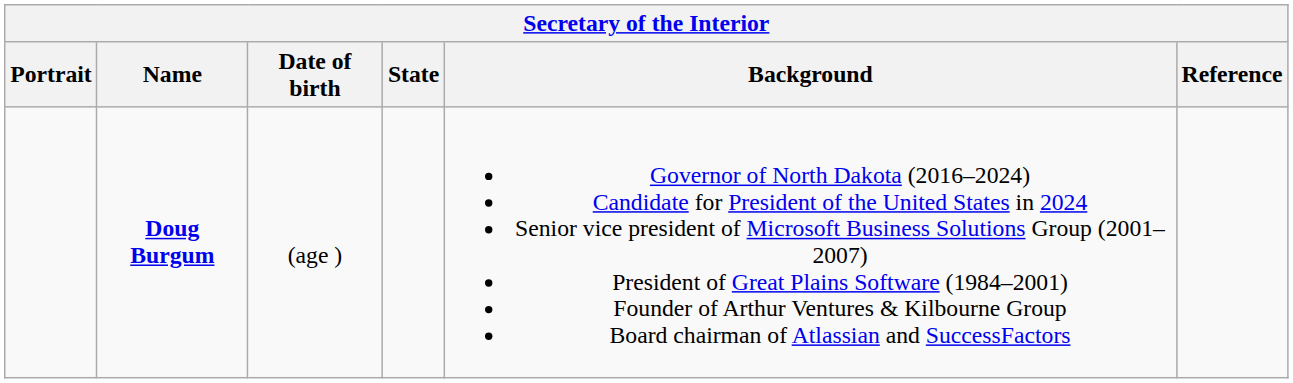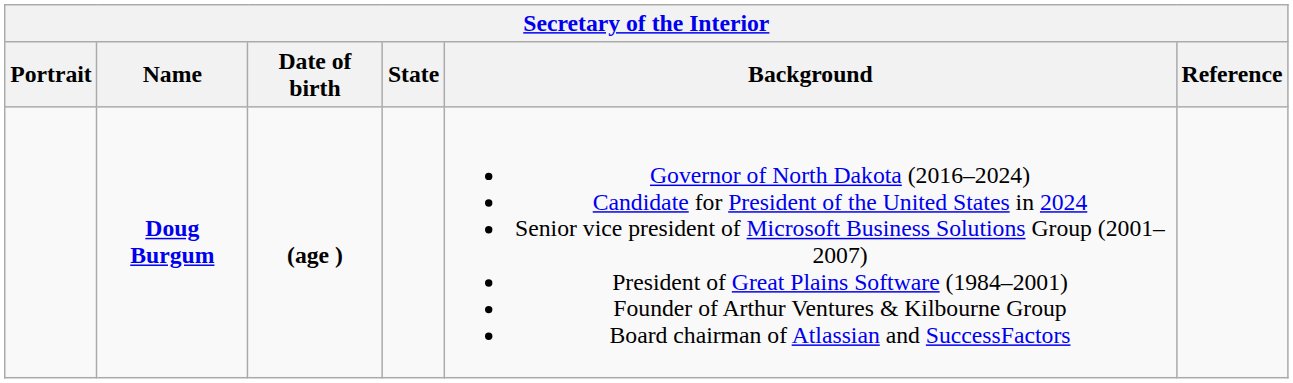 <table class="wikitable collapsible" style="text-align:center;">
 <tr>
 <th colspan="6"><a href='#'>Secretary of the Interior</a></th>
 </tr>
 <tr>
 <th>Portrait</th>
 <th>Name</th>
 <th>Date of birth</th>
 <th>State</th>
 <th>Background</th>
 <th>Reference</th>
 </tr>
 <tr>
 <td></td>
 <td><strong><a href='#'>Doug Burgum</a></strong></td>
-<td><br>(age )</td>
+<td><strong><br>(age )</strong></td>
 <td></td>
 <td><br><ul><li><a href='#'>Governor of North Dakota</a> (2016–2024)</li><li><a href='#'>Candidate</a> for <a href='#'>President of the United States</a> in <a href='#'>2024</a></li><li>Senior vice president of <a href='#'>Microsoft Business Solutions</a> Group (2001–2007)</li><li>President of <a href='#'>Great Plains Software</a> (1984–2001)</li><li>Founder of Arthur Ventures & Kilbourne Group</li><li>Board chairman of <a href='#'>Atlassian</a> and <a href='#'>SuccessFactors</a></li></ul></td>
 <td></td>
 </tr>
 </table>
